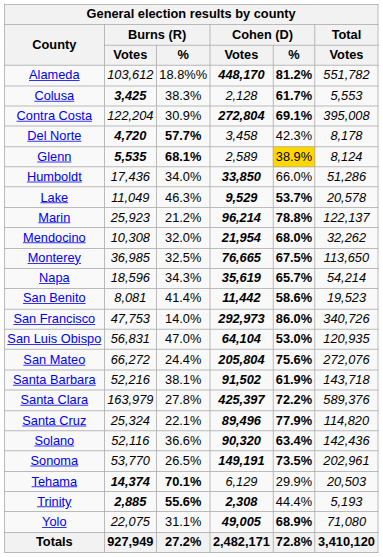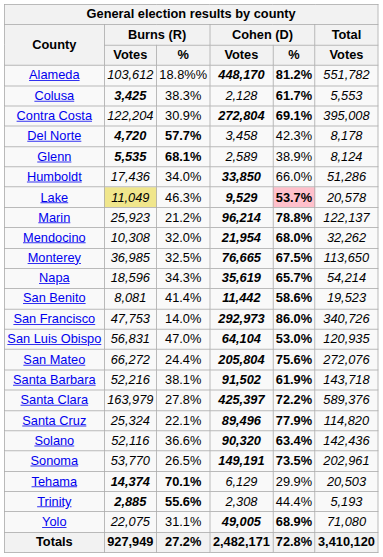 <table class="wikitable sortable" style="text-align:center">
 <tr>
 <th colspan=6>General election results by county</th>
 </tr>
 <tr>
 <th rowspan=2>County</th>
 <th colspan=2>Burns (R)</th>
 <th colspan=2>Cohen (D)</th>
 <th>Total</th>
 </tr>
 <tr>
 <th>Votes</th>
 <th>%</th>
 <th>Votes</th>
 <th>%</th>
 <th data-sort-type=number>Votes</th>
 </tr>
 <tr>
 <td><a href='#'>Alameda</a></td>
 <td><em>103,612</em></td>
 <td>18.8%%</td>
 <td><strong><em>448,170</em></strong></td>
 <td><strong>81.2%</strong></td>
 <td><em>551,782</em></td>
 </tr>
 <tr>
 <td><a href='#'>Colusa</a></td>
 <td><strong><em>3,425</em></strong></td>
 <td>38.3%</td>
 <td><em>2,128</em></td>
 <td><strong>61.7%</strong></td>
 <td><em>5,553</em></td>
 </tr>
 <tr>
 <td><a href='#'>Contra Costa</a></td>
 <td><em>122,204</em></td>
 <td>30.9%</td>
 <td><strong><em>272,804</em></strong></td>
 <td><strong>69.1%</strong></td>
 <td><em>395,008</em></td>
 </tr>
 <tr>
 <td><a href='#'>Del Norte</a></td>
 <td><strong><em>4,720</em></strong></td>
 <td><strong>57.7%</strong></td>
 <td><em>3,458</em></td>
 <td>42.3%</td>
 <td><em>8,178</em></td>
 </tr>
 <tr>
 <td><a href='#'>Glenn</a></td>
 <td><strong><em>5,535</em></strong></td>
 <td><strong>68.1%</strong></td>
 <td><em>2,589</em></td>
-<td style="background: gold;">38.9%</td>
+<td>38.9%</td>
 <td><em>8,124</em></td>
 </tr>
 <tr>
 <td><a href='#'>Humboldt</a></td>
 <td><em>17,436</em></td>
 <td>34.0%</td>
 <td><strong><em>33,850</em></strong></td>
 <td>66.0%</td>
 <td><em>51,286</em></td>
 </tr>
 <tr>
 <td><a href='#'>Lake</a></td>
-<td><em>11,049</em></td>
+<td style="background: khaki;"><em>11,049</em></td>
 <td>46.3%</td>
 <td><strong><em>9,529</em></strong></td>
-<td><strong>53.7%</strong></td>
+<td style="background: pink;"><strong>53.7%</strong></td>
 <td><em>20,578</em></td>
 </tr>
 <tr>
 <td><a href='#'>Marin</a></td>
 <td><em>25,923</em></td>
 <td>21.2%</td>
 <td><strong><em>96,214</em></strong></td>
 <td><strong>78.8%</strong></td>
 <td><em>122,137</em></td>
 </tr>
 <tr>
 <td><a href='#'>Mendocino</a></td>
 <td><em>10,308</em></td>
 <td>32.0%</td>
 <td><strong><em>21,954</em></strong></td>
 <td><strong>68.0%</strong></td>
 <td><em>32,262</em></td>
 </tr>
 <tr>
 <td><a href='#'>Monterey</a></td>
 <td><em>36,985</em></td>
 <td>32.5%</td>
 <td><strong><em>76,665</em></strong></td>
 <td><strong>67.5%</strong></td>
 <td><em>113,650</em></td>
 </tr>
 <tr>
 <td><a href='#'>Napa</a></td>
 <td><em>18,596</em></td>
 <td>34.3%</td>
 <td><strong><em>35,619</em></strong></td>
 <td><strong>65.7%</strong></td>
 <td><em>54,214</em></td>
 </tr>
 <tr>
 <td><a href='#'>San Benito</a></td>
 <td><em>8,081</em></td>
 <td>41.4%</td>
 <td><strong><em>11,442</em></strong></td>
 <td><strong>58.6%</strong></td>
 <td><em>19,523</em></td>
 </tr>
 <tr>
 <td><a href='#'>San Francisco</a></td>
 <td><em>47,753</em></td>
 <td>14.0%</td>
 <td><strong><em>292,973</em></strong></td>
 <td><strong>86.0%</strong></td>
 <td><em>340,726</em></td>
 </tr>
 <tr>
 <td><a href='#'>San Luis Obispo</a></td>
 <td><em>56,831</em></td>
 <td>47.0%</td>
 <td><strong><em>64,104</em></strong></td>
 <td><strong>53.0%</strong></td>
 <td><em>120,935</em></td>
 </tr>
 <tr>
 <td><a href='#'>San Mateo</a></td>
 <td><em>66,272</em></td>
 <td>24.4%</td>
 <td><strong><em>205,804</em></strong></td>
 <td><strong>75.6%</strong></td>
 <td><em>272,076</em></td>
 </tr>
 <tr>
 <td><a href='#'>Santa Barbara</a></td>
 <td><em>52,216</em></td>
 <td>38.1%</td>
 <td><strong><em>91,502</em></strong></td>
 <td><strong>61.9%</strong></td>
 <td><em>143,718</em></td>
 </tr>
 <tr>
 <td><a href='#'>Santa Clara</a></td>
 <td><em>163,979</em></td>
 <td>27.8%</td>
 <td><strong><em>425,397</em></strong></td>
 <td><strong>72.2%</strong></td>
 <td><em>589,376</em></td>
 </tr>
 <tr>
 <td><a href='#'>Santa Cruz</a></td>
 <td><em>25,324</em></td>
 <td>22.1%</td>
 <td><strong><em>89,496</em></strong></td>
 <td><strong>77.9%</strong></td>
 <td><em>114,820</em></td>
 </tr>
 <tr>
 <td><a href='#'>Solano</a></td>
 <td><em>52,116</em></td>
 <td>36.6%</td>
 <td><strong><em>90,320</em></strong></td>
 <td><strong>63.4%</strong></td>
 <td><em>142,436</em></td>
 </tr>
 <tr>
 <td><a href='#'>Sonoma</a></td>
 <td><em>53,770</em></td>
 <td>26.5%</td>
 <td><strong><em>149,191</em></strong></td>
 <td><strong>73.5%</strong></td>
 <td><em>202,961</em></td>
 </tr>
 <tr>
 <td><a href='#'>Tehama</a></td>
 <td><strong><em>14,374</em></strong></td>
 <td><strong>70.1%</strong></td>
 <td><em>6,129</em></td>
 <td>29.9%</td>
 <td><em>20,503</em></td>
 </tr>
 <tr>
 <td><a href='#'>Trinity</a></td>
 <td><strong><em>2,885</em></strong></td>
 <td><strong>55.6%</strong></td>
-<td><strong><em>2,308</em></strong></td>
+<td><em>2,308</em></td>
 <td>44.4%</td>
 <td><em>5,193</em></td>
 </tr>
 <tr>
 <td><a href='#'>Yolo</a></td>
 <td><em>22,075</em></td>
 <td>31.1%</td>
 <td><strong><em>49,005</em></strong></td>
 <td><strong>68.9%</strong></td>
 <td><em>71,080</em></td>
 </tr>
 <tr>
 <th>Totals</th>
 <th>927,949</th>
 <th>27.2%</th>
 <th>2,482,171</th>
 <th>72.8%</th>
 <th>3,410,120</th>
 </tr>
 </table>
